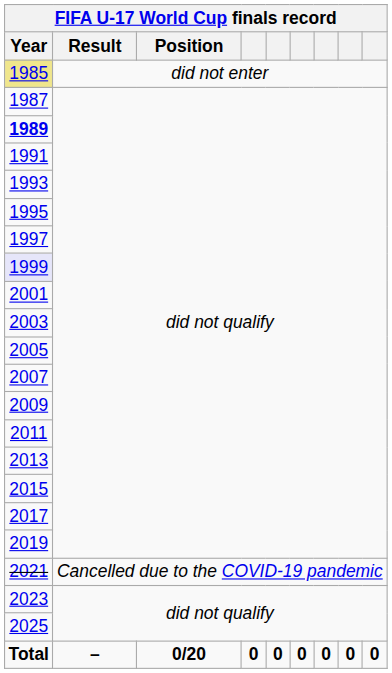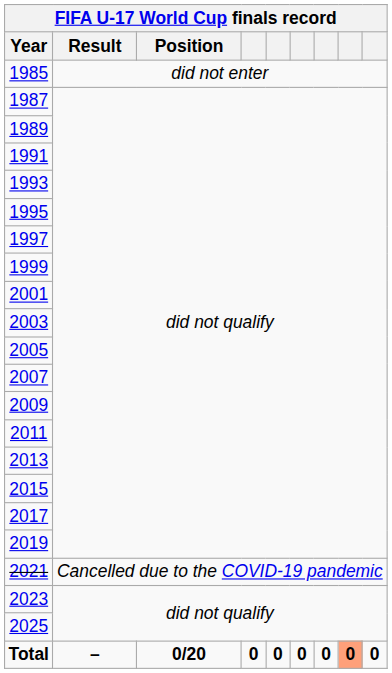 <table class="wikitable" style="text-align: center;">
 <tr>
 <th colspan=9 ;><a href='#'>FIFA U-17 World Cup</a> finals record</th>
 </tr>
 <tr>
 <th>Year</th>
 <th>Result</th>
 <th>Position</th>
 <th></th>
 <th></th>
 <th></th>
 <th></th>
 <th></th>
 <th></th>
 </tr>
 <tr>
-<td style="background: khaki;"> <a href='#'>1985</a></td>
+<td> <a href='#'>1985</a></td>
 <td colspan=8><em>did not enter</em></td>
 </tr>
 <tr>
 <td> <a href='#'>1987</a></td>
 <td colspan=8 rowspan=17><em>did not qualify</em></td>
 </tr>
 <tr>
-<td><strong> <a href='#'>1989</a></strong></td>
+<td> <a href='#'>1989</a></td>
 </tr>
 <tr>
 <td> <a href='#'>1991</a></td>
 </tr>
 <tr>
 <td> <a href='#'>1993</a></td>
 </tr>
 <tr>
 <td> <a href='#'>1995</a></td>
 </tr>
 <tr>
 <td> <a href='#'>1997</a></td>
 </tr>
 <tr>
-<td style="background: lavender;"> <a href='#'>1999</a></td>
+<td> <a href='#'>1999</a></td>
 </tr>
 <tr>
 <td> <a href='#'>2001</a></td>
 </tr>
 <tr>
 <td> <a href='#'>2003</a></td>
 </tr>
 <tr>
 <td> <a href='#'>2005</a></td>
 </tr>
 <tr>
 <td> <a href='#'>2007</a></td>
 </tr>
 <tr>
 <td> <a href='#'>2009</a></td>
 </tr>
 <tr>
 <td> <a href='#'>2011</a></td>
 </tr>
 <tr>
 <td> <a href='#'>2013</a></td>
 </tr>
 <tr>
 <td> <a href='#'>2015</a></td>
 </tr>
 <tr>
 <td> <a href='#'>2017</a></td>
 </tr>
 <tr>
 <td> <a href='#'>2019</a></td>
 </tr>
 <tr>
 <td> <s><a href='#'>2021</a></s></td>
 <td colspan=8><em>Cancelled due to the <a href='#'>COVID-19 pandemic</a></em></td>
 </tr>
 <tr>
 <td> <a href='#'>2023</a></td>
 <td rowspan=2 colspan=8><em>did not qualify</em></td>
 </tr>
 <tr>
 <td> <a href='#'>2025</a></td>
 </tr>
 <tr>
 <td><strong>Total</strong></td>
 <td><strong>–</strong></td>
 <td><strong>0/20</strong></td>
 <td><strong>0</strong></td>
 <td><strong>0</strong></td>
 <td><strong>0</strong></td>
 <td><strong>0</strong></td>
-<td><strong>0</strong></td>
+<td style="background: lightsalmon;"><strong>0</strong></td>
 <td><strong>0</strong></td>
 </tr>
 </table>
